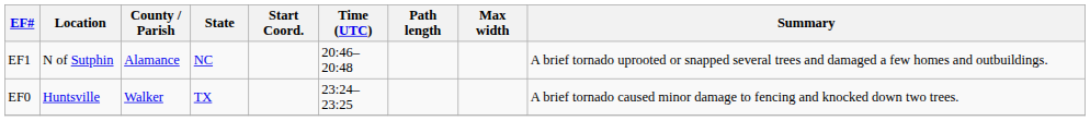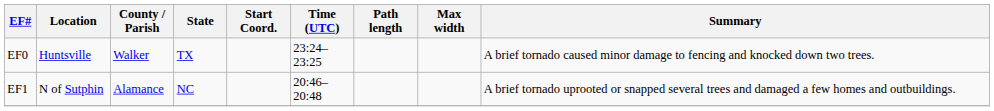 <table class="wikitable sortable" style="width:100%;">
 <tr>
 <th scope="col"  style="width:3%; text-align:center;"><a href='#'>EF#</a></th>
 <th scope="col"  style="width:7%; text-align:center;" class="unsortable">Location</th>
 <th scope="col"  style="width:6%; text-align:center;" class="unsortable">County / Parish</th>
 <th scope="col"  style="width:5%; text-align:center;">State</th>
 <th scope="col"  style="width:6%; text-align:center;">Start Coord.</th>
 <th scope="col"  style="width:6%; text-align:center;">Time (<a href='#'>UTC</a>)</th>
 <th scope="col"  style="width:6%; text-align:center;">Path length</th>
 <th scope="col"  style="width:6%; text-align:center;">Max width</th>
 <th scope="col" class="unsortable" style="width:48%; text-align:center;">Summary</th>
 </tr>
 <tr>
+<td>EF0</td>
+<td><a href='#'>Huntsville</a></td>
+<td><a href='#'>Walker</a></td>
+<td><a href='#'>TX</a></td>
+<td></td>
+<td>23:24–23:25</td>
+<td></td>
+<td></td>
+<td>A brief tornado caused minor damage to fencing and knocked down two trees.</td>
+</tr>
+<tr>
 <td>EF1</td>
 <td>N of <a href='#'>Sutphin</a></td>
 <td><a href='#'>Alamance</a></td>
 <td><a href='#'>NC</a></td>
 <td></td>
 <td>20:46–20:48</td>
 <td></td>
 <td></td>
 <td>A brief tornado uprooted or snapped several trees and damaged a few homes and outbuildings.</td>
 </tr>
 <tr>
-<td>EF0</td>
-<td><a href='#'>Huntsville</a></td>
-<td><a href='#'>Walker</a></td>
-<td><a href='#'>TX</a></td>
-<td></td>
-<td>23:24–23:25</td>
-<td></td>
-<td></td>
-<td>A brief tornado caused minor damage to fencing and knocked down two trees.</td>
-</tr>
-<tr>
 </tr>
 </table>
